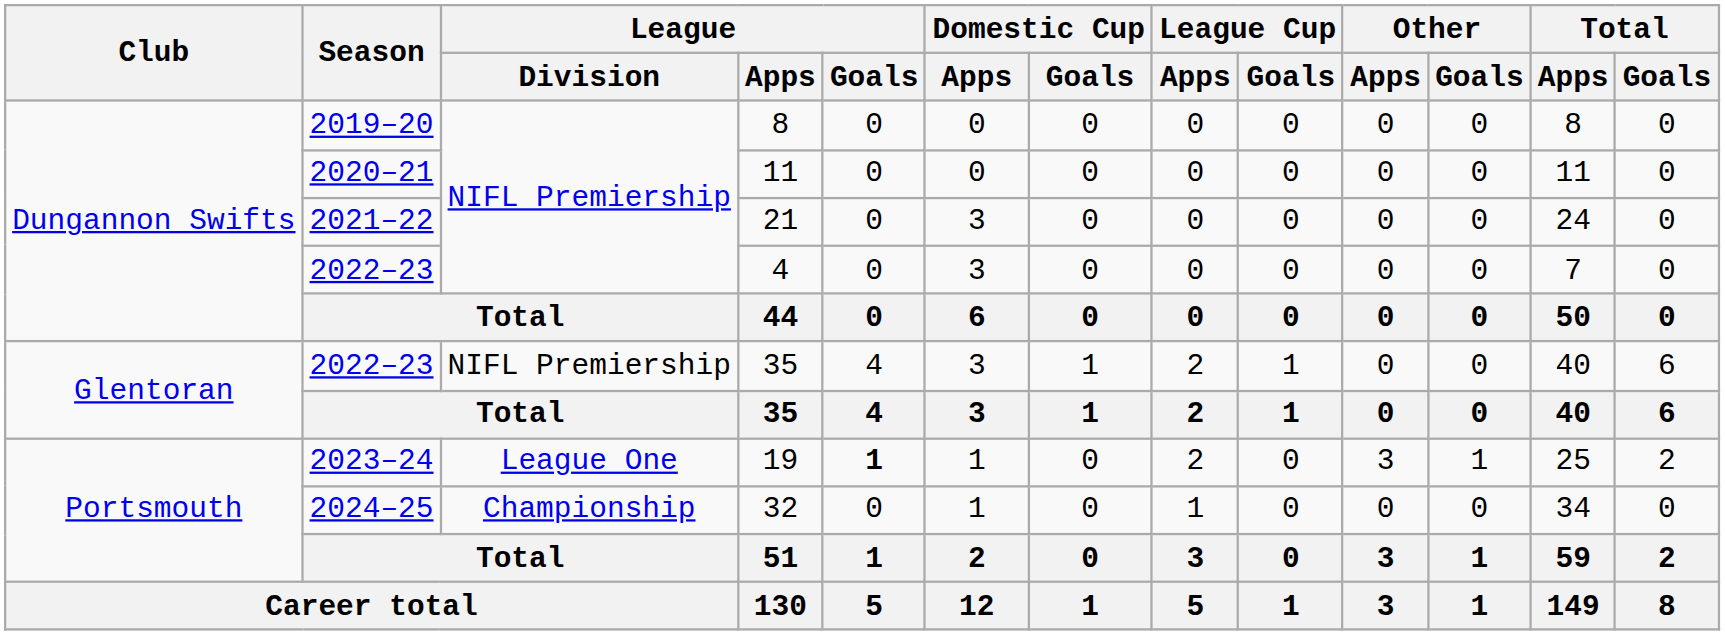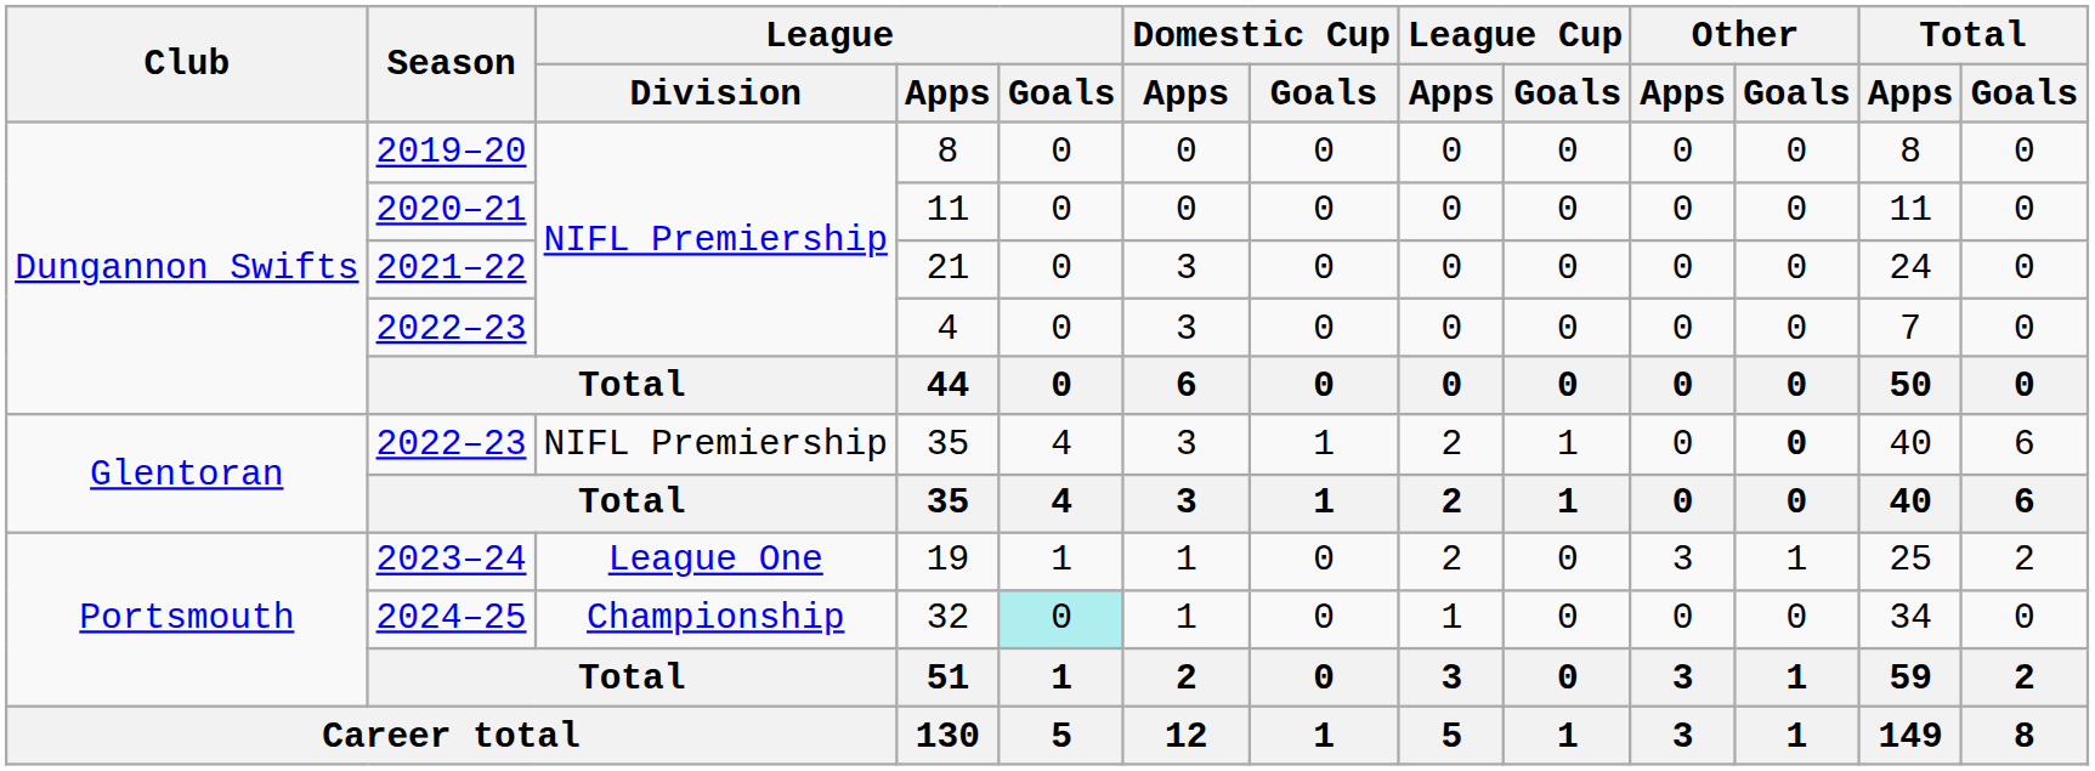 <table class="wikitable" style="text-align:center">
 <tr>
 <th rowspan="2">Club</th>
 <th rowspan="2">Season</th>
 <th colspan="3">League</th>
 <th colspan="2">Domestic Cup</th>
 <th colspan="2">League Cup</th>
 <th colspan="2">Other</th>
 <th colspan="2">Total</th>
 </tr>
 <tr>
 <th>Division</th>
 <th>Apps</th>
 <th>Goals</th>
 <th>Apps</th>
 <th>Goals</th>
 <th>Apps</th>
 <th>Goals</th>
 <th>Apps</th>
 <th>Goals</th>
 <th>Apps</th>
 <th>Goals</th>
 </tr>
 <tr>
 <td rowspan="5"><a href='#'>Dungannon Swifts</a></td>
 <td><a href='#'>2019–20</a></td>
 <td rowspan="4"><a href='#'>NIFL Premiership</a></td>
 <td>8</td>
 <td>0</td>
 <td>0</td>
 <td>0</td>
 <td>0</td>
 <td>0</td>
 <td>0</td>
 <td>0</td>
 <td>8</td>
 <td>0</td>
 </tr>
 <tr>
 <td><a href='#'>2020–21</a></td>
 <td>11</td>
 <td>0</td>
 <td>0</td>
 <td>0</td>
 <td>0</td>
 <td>0</td>
 <td>0</td>
 <td>0</td>
 <td>11</td>
 <td>0</td>
 </tr>
 <tr>
 <td><a href='#'>2021–22</a></td>
 <td>21</td>
 <td>0</td>
 <td>3</td>
 <td>0</td>
 <td>0</td>
 <td>0</td>
 <td>0</td>
 <td>0</td>
 <td>24</td>
 <td>0</td>
 </tr>
 <tr>
 <td><a href='#'>2022–23</a></td>
 <td>4</td>
 <td>0</td>
 <td>3</td>
 <td>0</td>
 <td>0</td>
 <td>0</td>
 <td>0</td>
 <td>0</td>
 <td>7</td>
 <td>0</td>
 </tr>
 <tr>
 <th colspan="2">Total</th>
 <th>44</th>
 <th>0</th>
 <th>6</th>
 <th>0</th>
 <th>0</th>
 <th>0</th>
 <th>0</th>
 <th>0</th>
 <th>50</th>
 <th>0</th>
 </tr>
 <tr>
 <td rowspan="2"><a href='#'>Glentoran</a></td>
 <td><a href='#'>2022–23</a></td>
 <td>NIFL Premiership</td>
 <td>35</td>
 <td>4</td>
 <td>3</td>
 <td>1</td>
 <td>2</td>
 <td>1</td>
 <td>0</td>
-<td>0</td>
+<td><strong>0</strong></td>
 <td>40</td>
 <td>6</td>
 </tr>
 <tr>
 <th colspan="2">Total</th>
 <th>35</th>
 <th>4</th>
 <th>3</th>
 <th>1</th>
 <th>2</th>
 <th>1</th>
 <th>0</th>
 <th>0</th>
 <th>40</th>
 <th>6</th>
 </tr>
 <tr>
 <td rowspan="3"><a href='#'>Portsmouth</a></td>
 <td><a href='#'>2023–24</a></td>
 <td><a href='#'>League One</a></td>
 <td>19</td>
-<td><strong>1</strong></td>
+<td>1</td>
 <td>1</td>
 <td>0</td>
 <td>2</td>
 <td>0</td>
 <td>3</td>
 <td>1</td>
 <td>25</td>
 <td>2</td>
 </tr>
 <tr>
 <td><a href='#'>2024–25</a></td>
 <td><a href='#'>Championship</a></td>
 <td>32</td>
-<td>0</td>
+<td style="background: paleturquoise;">0</td>
 <td>1</td>
 <td>0</td>
 <td>1</td>
 <td>0</td>
 <td>0</td>
 <td>0</td>
 <td>34</td>
 <td>0</td>
 </tr>
 <tr>
 <th colspan="2">Total</th>
 <th>51</th>
 <th>1</th>
 <th>2</th>
 <th>0</th>
 <th>3</th>
 <th>0</th>
 <th>3</th>
 <th>1</th>
 <th>59</th>
 <th>2</th>
 </tr>
 <tr>
 <th colspan="3">Career total</th>
 <th>130</th>
 <th>5</th>
 <th>12</th>
 <th>1</th>
 <th>5</th>
 <th>1</th>
 <th>3</th>
 <th>1</th>
 <th>149</th>
 <th>8</th>
 </tr>
 </table>
